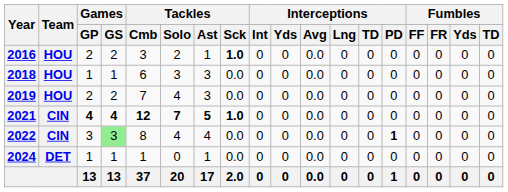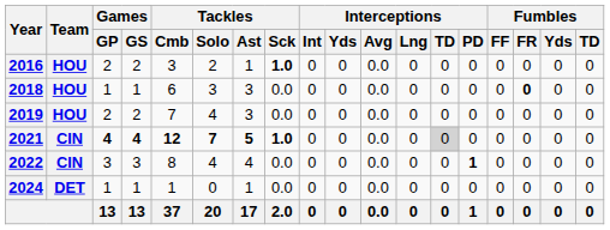 <table class="wikitable" style="text-align:center;">
 <tr>
 <th rowspan="2">Year</th>
 <th rowspan="2">Team</th>
 <th colspan="2">Games</th>
 <th colspan="4">Tackles</th>
 <th colspan="6">Interceptions</th>
 <th colspan="4">Fumbles</th>
 </tr>
 <tr>
 <th>GP</th>
 <th>GS</th>
 <th>Cmb</th>
 <th>Solo</th>
 <th>Ast</th>
 <th>Sck</th>
 <th>Int</th>
 <th>Yds</th>
 <th>Avg</th>
 <th>Lng</th>
 <th>TD</th>
 <th>PD</th>
 <th>FF</th>
 <th>FR</th>
 <th>Yds</th>
 <th>TD</th>
 </tr>
 <tr>
 <th><a href='#'>2016</a></th>
 <th><a href='#'>HOU</a></th>
 <td>2</td>
 <td>2</td>
 <td>3</td>
 <td>2</td>
 <td>1</td>
 <td><strong>1.0</strong></td>
 <td>0</td>
 <td>0</td>
 <td>0.0</td>
 <td>0</td>
 <td>0</td>
 <td>0</td>
 <td>0</td>
 <td>0</td>
 <td>0</td>
 <td>0</td>
 </tr>
 <tr>
 <th><a href='#'>2018</a></th>
 <th><a href='#'>HOU</a></th>
 <td>1</td>
 <td>1</td>
 <td>6</td>
 <td>3</td>
 <td>3</td>
 <td>0.0</td>
 <td>0</td>
 <td>0</td>
 <td>0.0</td>
 <td>0</td>
 <td>0</td>
 <td>0</td>
 <td>0</td>
-<td>0</td>
+<td><strong>0</strong></td>
 <td>0</td>
 <td>0</td>
 </tr>
 <tr>
 <th><a href='#'>2019</a></th>
 <th><a href='#'>HOU</a></th>
 <td>2</td>
 <td>2</td>
 <td>7</td>
 <td>4</td>
 <td>3</td>
 <td>0.0</td>
 <td>0</td>
 <td>0</td>
 <td>0.0</td>
 <td>0</td>
 <td>0</td>
 <td>0</td>
 <td>0</td>
 <td>0</td>
 <td>0</td>
 <td>0</td>
 </tr>
 <tr>
 <th><a href='#'>2021</a></th>
 <th><a href='#'>CIN</a></th>
 <td><strong>4</strong></td>
 <td><strong>4</strong></td>
 <td><strong>12</strong></td>
 <td><strong>7</strong></td>
 <td><strong>5</strong></td>
 <td><strong>1.0</strong></td>
 <td>0</td>
 <td>0</td>
 <td>0.0</td>
 <td>0</td>
-<td>0</td>
+<td style="background: lightgrey;">0</td>
 <td>0</td>
 <td>0</td>
 <td>0</td>
 <td>0</td>
 <td>0</td>
 </tr>
 <tr>
 <th><a href='#'>2022</a></th>
 <th><a href='#'>CIN</a></th>
 <td>3</td>
-<td style="background: lightgreen;">3</td>
+<td>3</td>
 <td>8</td>
 <td>4</td>
 <td>4</td>
 <td>0.0</td>
 <td>0</td>
 <td>0</td>
 <td>0.0</td>
 <td>0</td>
 <td>0</td>
 <td><strong>1</strong></td>
 <td>0</td>
 <td>0</td>
 <td>0</td>
 <td>0</td>
 </tr>
 <tr>
 <th><a href='#'>2024</a></th>
 <th><a href='#'>DET</a></th>
 <td>1</td>
 <td>1</td>
 <td>1</td>
 <td>0</td>
 <td>1</td>
 <td>0.0</td>
 <td>0</td>
 <td>0</td>
 <td>0.0</td>
 <td>0</td>
 <td>0</td>
 <td>0</td>
 <td>0</td>
 <td>0</td>
 <td>0</td>
 <td>0</td>
 </tr>
 <tr>
 <th colspan="2"></th>
 <th>13</th>
 <th>13</th>
 <th>37</th>
 <th>20</th>
 <th>17</th>
 <th>2.0</th>
 <th>0</th>
 <th>0</th>
 <th>0.0</th>
 <th>0</th>
 <th>0</th>
 <th>1</th>
 <th>0</th>
 <th>0</th>
 <th>0</th>
 <th>0</th>
 </tr>
 </table>
